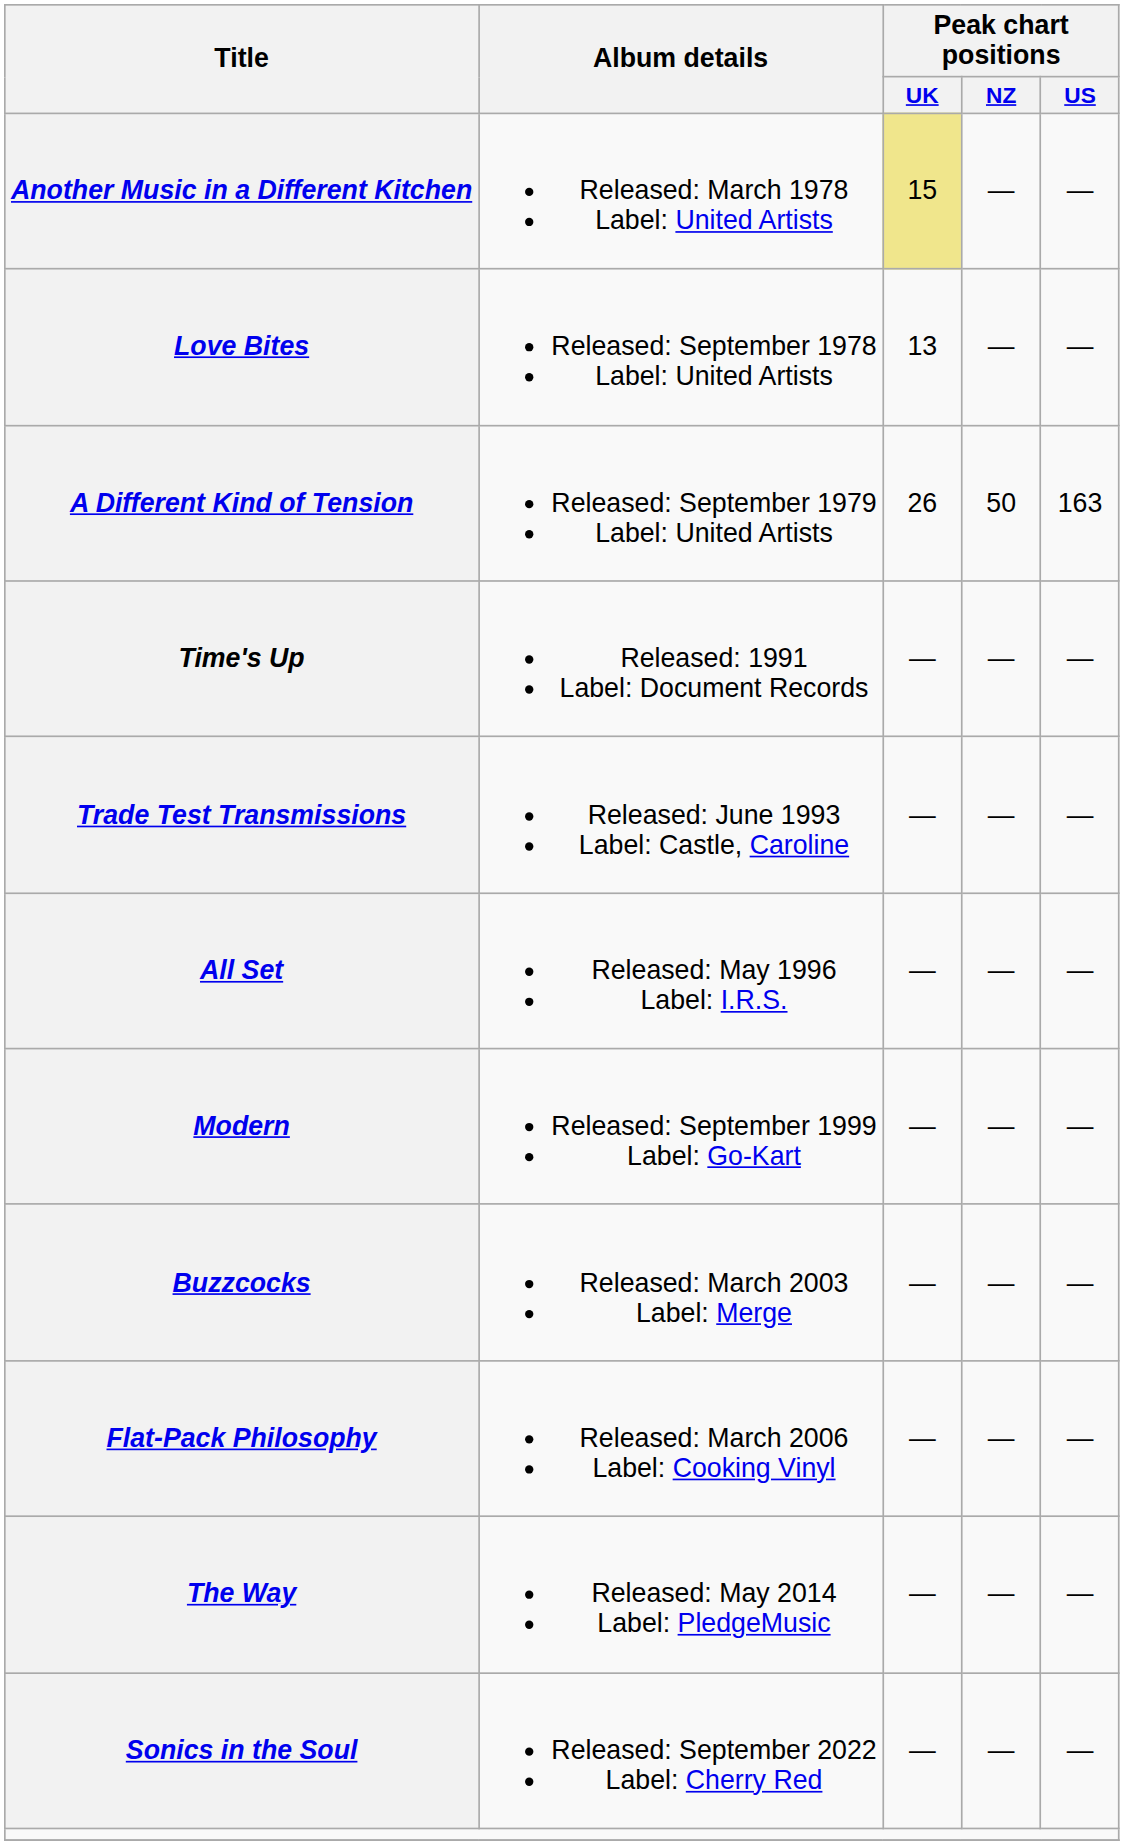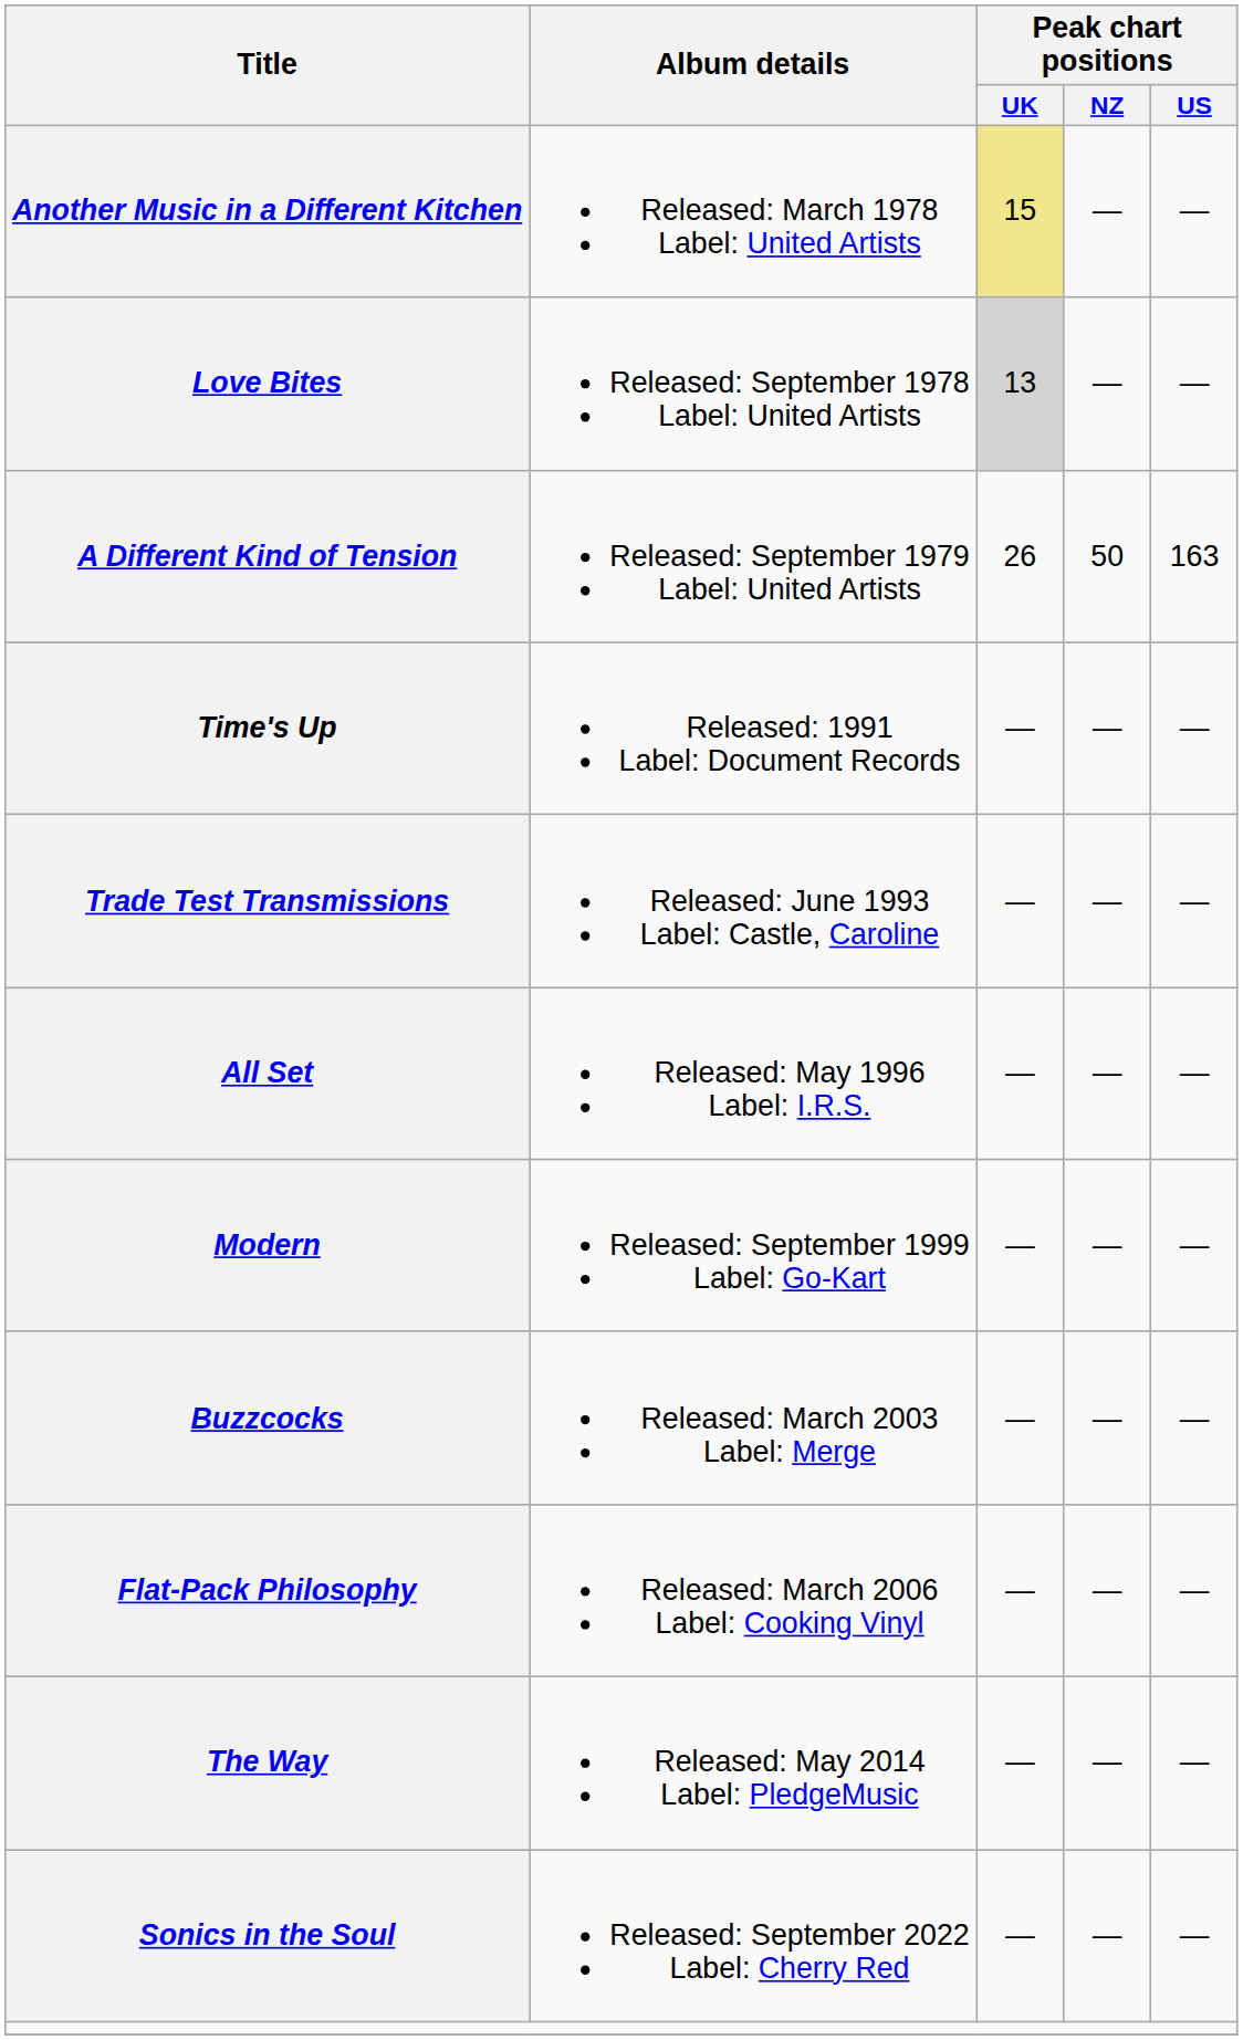 <table class="wikitable plainrowheaders" style="text-align:center;">
 <tr>
 <th rowspan="2">Title</th>
 <th rowspan="2">Album details</th>
 <th colspan="3">Peak chart positions</th>
 </tr>
 <tr>
 <th style="width:3em;font-size:85%"><a href='#'>UK</a><br></th>
 <th style="width:3em;font-size:85%"><a href='#'>NZ</a><br></th>
 <th style="width:3em;font-size:85%"><a href='#'>US</a><br></th>
 </tr>
 <tr>
 <th scope="row"><em><a href='#'>Another Music in a Different Kitchen</a></em></th>
 <td><br><ul><li>Released: March 1978</li><li>Label: <a href='#'>United Artists</a></li></ul></td>
 <td style="background: khaki;">15</td>
 <td>—</td>
 <td>—</td>
 </tr>
 <tr>
 <th scope="row"><em><a href='#'>Love Bites</a></em></th>
 <td><br><ul><li>Released: September 1978</li><li>Label: United Artists</li></ul></td>
-<td>13</td>
+<td style="background: lightgrey;">13</td>
 <td>—</td>
 <td>—</td>
 </tr>
 <tr>
 <th scope="row"><em><a href='#'>A Different Kind of Tension</a></em></th>
 <td><br><ul><li>Released: September 1979</li><li>Label: United Artists</li></ul></td>
 <td>26</td>
 <td>50</td>
 <td>163</td>
 </tr>
 <tr>
 <th scope="row"><em>Time's Up</em></th>
 <td><br><ul><li>Released: 1991</li><li>Label: Document Records</li></ul></td>
 <td>—</td>
 <td>—</td>
 <td>—</td>
 </tr>
 <tr>
 <th scope="row"><em><a href='#'>Trade Test Transmissions</a></em></th>
 <td><br><ul><li>Released: June 1993</li><li>Label: Castle, <a href='#'>Caroline</a></li></ul></td>
 <td>—</td>
 <td>—</td>
 <td>—</td>
 </tr>
 <tr>
 <th scope="row"><em><a href='#'>All Set</a></em></th>
 <td><br><ul><li>Released: May 1996</li><li>Label: <a href='#'>I.R.S.</a></li></ul></td>
 <td>—</td>
 <td>—</td>
 <td>—</td>
 </tr>
 <tr>
 <th scope="row"><em><a href='#'>Modern</a></em></th>
 <td><br><ul><li>Released: September 1999</li><li>Label: <a href='#'>Go-Kart</a></li></ul></td>
 <td>—</td>
 <td>—</td>
 <td>—</td>
 </tr>
 <tr>
 <th scope="row"><em><a href='#'>Buzzcocks</a></em></th>
 <td><br><ul><li>Released: March 2003</li><li>Label: <a href='#'>Merge</a></li></ul></td>
 <td>—</td>
 <td>—</td>
 <td>—</td>
 </tr>
 <tr>
 <th scope="row"><em><a href='#'>Flat-Pack Philosophy</a></em></th>
 <td><br><ul><li>Released: March 2006</li><li>Label: <a href='#'>Cooking Vinyl</a></li></ul></td>
 <td>—</td>
 <td>—</td>
 <td>—</td>
 </tr>
 <tr>
 <th scope="row"><em><a href='#'>The Way</a></em></th>
 <td><br><ul><li>Released: May 2014</li><li>Label: <a href='#'>PledgeMusic</a></li></ul></td>
 <td>—</td>
 <td>—</td>
 <td>—</td>
 </tr>
 <tr>
 <th scope="row"><em><a href='#'>Sonics in the Soul</a></em></th>
 <td><br><ul><li>Released: September 2022</li><li>Label: <a href='#'>Cherry Red</a></li></ul></td>
 <td>—</td>
 <td>—</td>
 <td>—</td>
 </tr>
 <tr>
 <td colspan="5"></td>
 </tr>
 <tr>
 </tr>
 </table>
